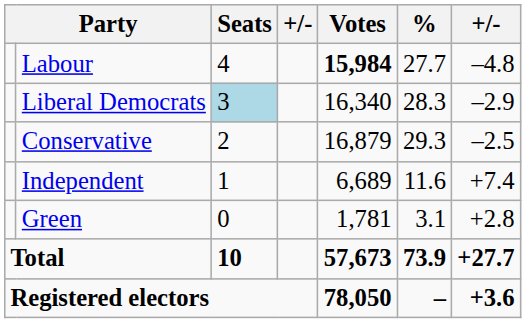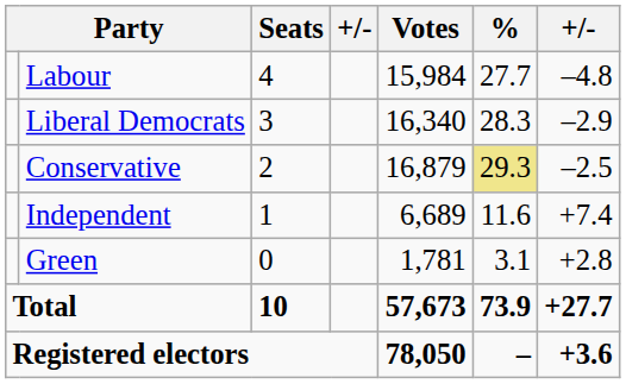 <table class="wikitable sortable">
 <tr>
 <th colspan="2">Party</th>
 <th>Seats</th>
 <th>+/-</th>
 <th>Votes</th>
 <th>%</th>
 <th>+/-</th>
 </tr>
 <tr>
 <td style="background-color: "></td>
 <td><a href='#'>Labour</a></td>
 <td>4</td>
 <td></td>
-<td style="text-align:right;"><strong>15,984</strong></td>
+<td style="text-align:right;">15,984</td>
 <td style="text-align:right;">27.7</td>
 <td style="text-align:right;">–4.8</td>
 </tr>
 <tr>
 <td style="background-color: "></td>
 <td><a href='#'>Liberal Democrats</a></td>
-<td style="background: lightblue;">3</td>
+<td>3</td>
 <td></td>
 <td style="text-align:right;">16,340</td>
 <td style="text-align:right;">28.3</td>
 <td style="text-align:right;">–2.9</td>
 </tr>
 <tr>
 <td style="background-color: "></td>
 <td><a href='#'>Conservative</a></td>
 <td>2</td>
 <td></td>
 <td style="text-align:right;">16,879</td>
-<td style="text-align:right;">29.3</td>
+<td style="background: khaki; text-align:right;">29.3</td>
 <td style="text-align:right;">–2.5</td>
 </tr>
 <tr>
 <td style="background-color: "></td>
 <td><a href='#'>Independent</a></td>
 <td>1</td>
 <td></td>
 <td style="text-align:right;">6,689</td>
 <td style="text-align:right;">11.6</td>
 <td style="text-align:right;">+7.4</td>
 </tr>
 <tr>
 <td style="background-color: "></td>
 <td><a href='#'>Green</a></td>
 <td>0</td>
 <td></td>
 <td style="text-align:right;">1,781</td>
 <td style="text-align:right;">3.1</td>
 <td style="text-align:right;">+2.8</td>
 </tr>
 <tr>
 <td colspan="2"><strong>Total</strong></td>
 <td><strong>10</strong></td>
 <td></td>
 <td style="text-align:right;"><strong>57,673</strong></td>
 <td style="text-align:right;"><strong>73.9</strong></td>
 <td style="text-align:right;"><strong>+27.7</strong></td>
 </tr>
 <tr>
 <td colspan="4"><strong>Registered electors</strong></td>
 <td style="text-align:right;"><strong>78,050</strong></td>
 <td style="text-align:right;"><strong>–</strong></td>
 <td style="text-align:right;"><strong>+3.6</strong></td>
 </tr>
 </table>
